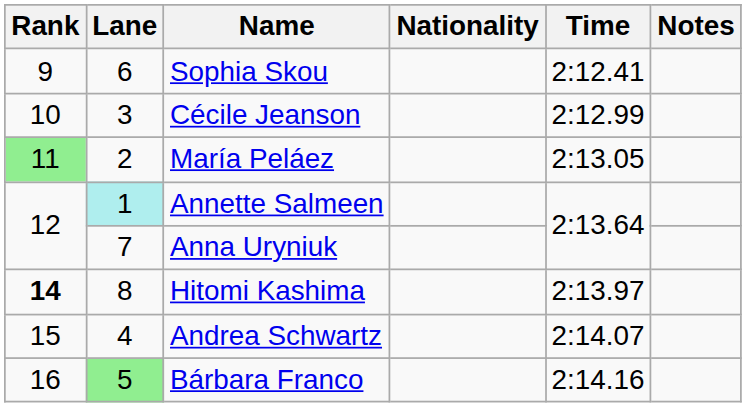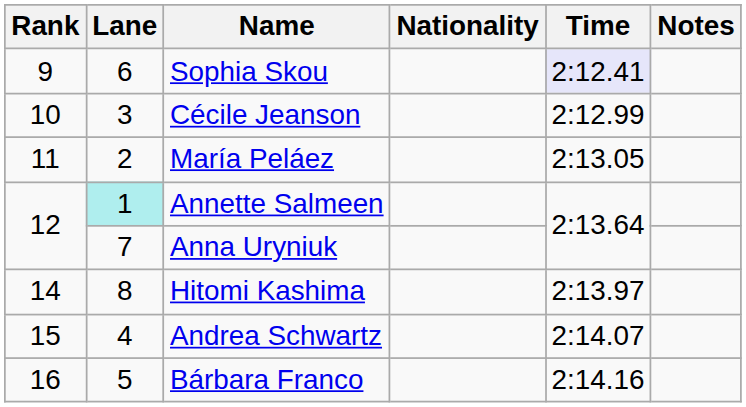 <table class="wikitable sortable" style="text-align:center">
 <tr>
 <th>Rank</th>
 <th>Lane</th>
 <th>Name</th>
 <th>Nationality</th>
 <th>Time</th>
 <th>Notes</th>
 </tr>
 <tr>
 <td>9</td>
 <td>6</td>
 <td align=left><a href='#'>Sophia Skou</a></td>
 <td align=left></td>
-<td>2:12.41</td>
+<td style="background: lavender;">2:12.41</td>
 <td></td>
 </tr>
 <tr>
 <td>10</td>
 <td>3</td>
 <td align=left><a href='#'>Cécile Jeanson</a></td>
 <td align=left></td>
 <td>2:12.99</td>
 <td></td>
 </tr>
 <tr>
-<td style="background: lightgreen;">11</td>
+<td>11</td>
 <td>2</td>
 <td align=left><a href='#'>María Peláez</a></td>
 <td align=left></td>
 <td>2:13.05</td>
 <td></td>
 </tr>
 <tr>
 <td rowspan=2>12</td>
 <td style="background: paleturquoise;">1</td>
 <td align=left><a href='#'>Annette Salmeen</a></td>
 <td align=left></td>
 <td rowspan=2>2:13.64</td>
 <td></td>
 </tr>
 <tr>
 <td>7</td>
 <td align=left><a href='#'>Anna Uryniuk</a></td>
 <td align=left></td>
 <td></td>
 </tr>
 <tr>
-<td><strong>14</strong></td>
+<td>14</td>
 <td>8</td>
 <td align=left><a href='#'>Hitomi Kashima</a></td>
 <td align=left></td>
 <td>2:13.97</td>
 <td></td>
 </tr>
 <tr>
 <td>15</td>
 <td>4</td>
 <td align=left><a href='#'>Andrea Schwartz</a></td>
 <td align=left></td>
 <td>2:14.07</td>
 <td></td>
 </tr>
 <tr>
 <td>16</td>
-<td style="background: lightgreen;">5</td>
+<td>5</td>
 <td align=left><a href='#'>Bárbara Franco</a></td>
 <td align=left></td>
 <td>2:14.16</td>
 <td></td>
 </tr>
 </table>
